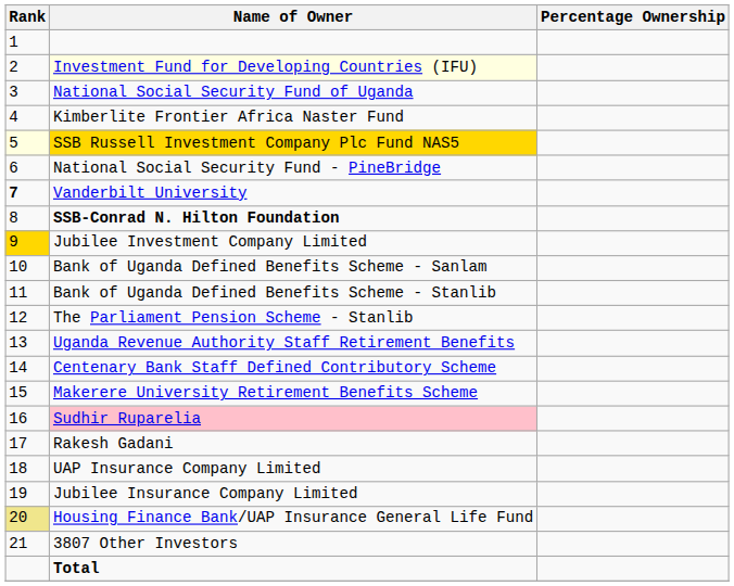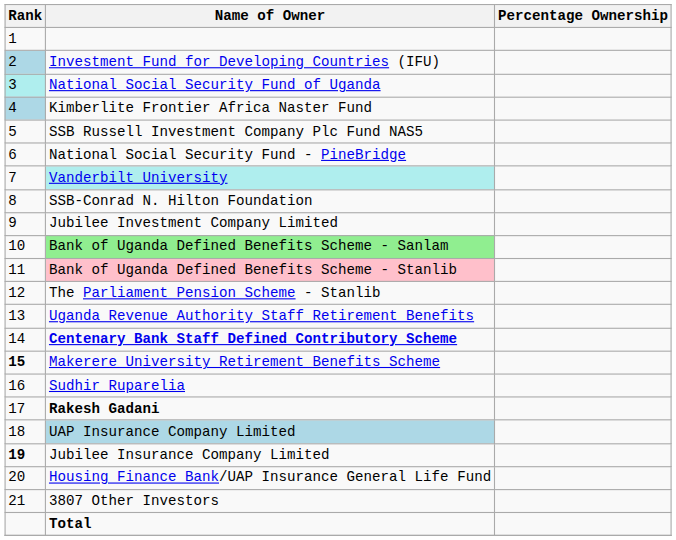 <table class="wikitable sortable" style="margin: 0.5em auto">
 <tr>
 <th>Rank</th>
 <th>Name of Owner</th>
 <th>Percentage Ownership</th>
 </tr>
 <tr>
 <td>1</td>
 <td></td>
 <td></td>
 </tr>
 <tr>
-<td>2</td>
-<td style="background: lightyellow;"><a href='#'>Investment Fund for Developing Countries</a> (IFU)</td>
+<td style="background: lightblue;">2</td>
+<td><a href='#'>Investment Fund for Developing Countries</a> (IFU)</td>
 <td></td>
 </tr>
 <tr>
-<td>3</td>
+<td style="background: paleturquoise;">3</td>
 <td><a href='#'>National Social Security Fund of Uganda</a></td>
 <td></td>
 </tr>
 <tr>
-<td>4</td>
+<td style="background: lightblue;">4</td>
 <td>Kimberlite Frontier Africa Naster Fund</td>
 <td></td>
 </tr>
 <tr>
-<td style="background: lightyellow;">5</td>
-<td style="background: gold;">SSB Russell Investment Company Plc Fund NAS5</td>
+<td>5</td>
+<td>SSB Russell Investment Company Plc Fund NAS5</td>
 <td></td>
 </tr>
 <tr>
 <td>6</td>
 <td>National Social Security Fund - <a href='#'>PineBridge</a></td>
 <td></td>
 </tr>
 <tr>
-<td><strong>7</strong></td>
-<td><a href='#'>Vanderbilt University</a></td>
+<td>7</td>
+<td style="background: paleturquoise;"><a href='#'>Vanderbilt University</a></td>
 <td></td>
 </tr>
 <tr>
 <td>8</td>
-<td><strong>SSB-Conrad N. Hilton Foundation</strong></td>
+<td>SSB-Conrad N. Hilton Foundation</td>
 <td></td>
 </tr>
 <tr>
-<td style="background: gold;">9</td>
+<td>9</td>
 <td>Jubilee Investment Company Limited</td>
 <td></td>
 </tr>
 <tr>
 <td>10</td>
-<td>Bank of Uganda Defined Benefits Scheme - Sanlam</td>
+<td style="background: lightgreen;">Bank of Uganda Defined Benefits Scheme - Sanlam</td>
 <td></td>
 </tr>
 <tr>
 <td>11</td>
-<td>Bank of Uganda Defined Benefits Scheme - Stanlib</td>
+<td style="background: pink;">Bank of Uganda Defined Benefits Scheme - Stanlib</td>
 <td></td>
 </tr>
 <tr>
 <td>12</td>
 <td>The <a href='#'>Parliament Pension Scheme</a> - Stanlib</td>
 <td></td>
 </tr>
 <tr>
 <td>13</td>
 <td><a href='#'>Uganda Revenue Authority Staff Retirement Benefits</a></td>
 <td></td>
 </tr>
 <tr>
 <td>14</td>
-<td><a href='#'>Centenary Bank Staff Defined Contributory Scheme</a></td>
+<td><strong><a href='#'>Centenary Bank Staff Defined Contributory Scheme</a></strong></td>
 <td></td>
 </tr>
 <tr>
-<td>15</td>
+<td><strong>15</strong></td>
 <td><a href='#'>Makerere University Retirement Benefits Scheme</a></td>
 <td></td>
 </tr>
 <tr>
 <td>16</td>
-<td style="background: pink;"><a href='#'>Sudhir Ruparelia</a></td>
+<td><a href='#'>Sudhir Ruparelia</a></td>
 <td></td>
 </tr>
 <tr>
 <td>17</td>
-<td>Rakesh Gadani</td>
+<td><strong>Rakesh Gadani</strong></td>
 <td></td>
 </tr>
 <tr>
 <td>18</td>
-<td>UAP Insurance Company Limited</td>
+<td style="background: lightblue;">UAP Insurance Company Limited</td>
 <td></td>
 </tr>
 <tr>
-<td>19</td>
+<td><strong>19</strong></td>
 <td>Jubilee Insurance Company Limited</td>
 <td></td>
 </tr>
 <tr>
-<td style="background: khaki;">20</td>
+<td>20</td>
 <td><a href='#'>Housing Finance Bank</a>/UAP Insurance General Life Fund</td>
 <td></td>
 </tr>
 <tr>
 <td>21</td>
 <td>3807 Other Investors</td>
 <td></td>
 </tr>
 <tr>
 <td></td>
 <td><strong>Total</strong></td>
 <td></td>
 </tr>
 <tr>
 </tr>
 </table>
